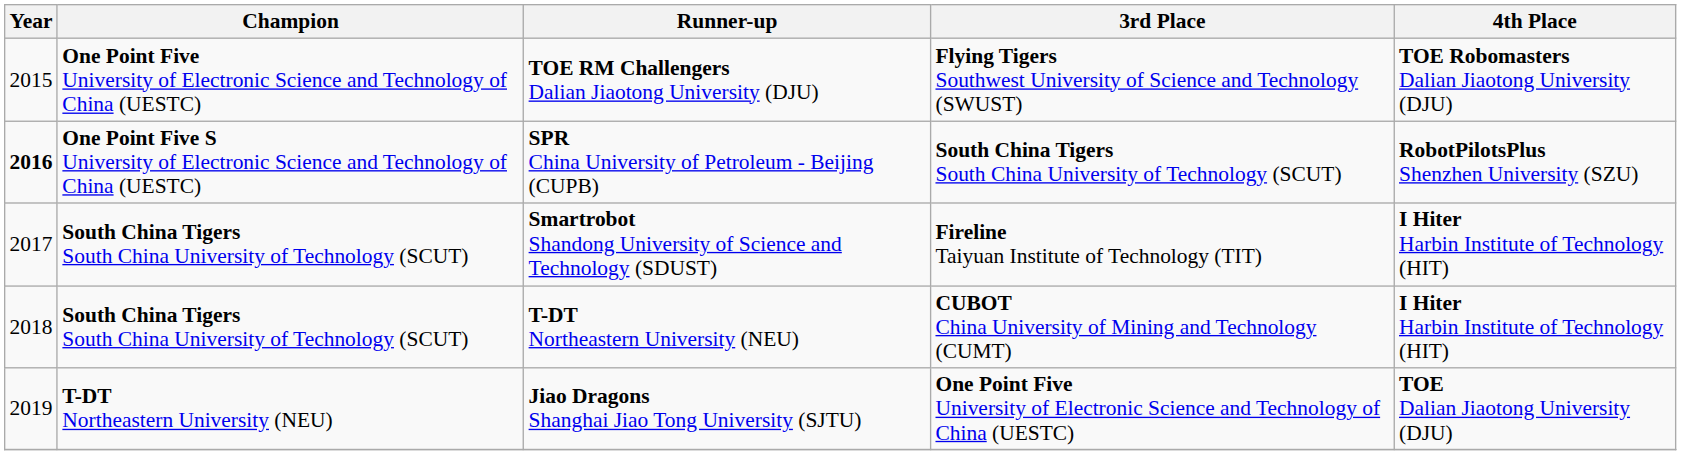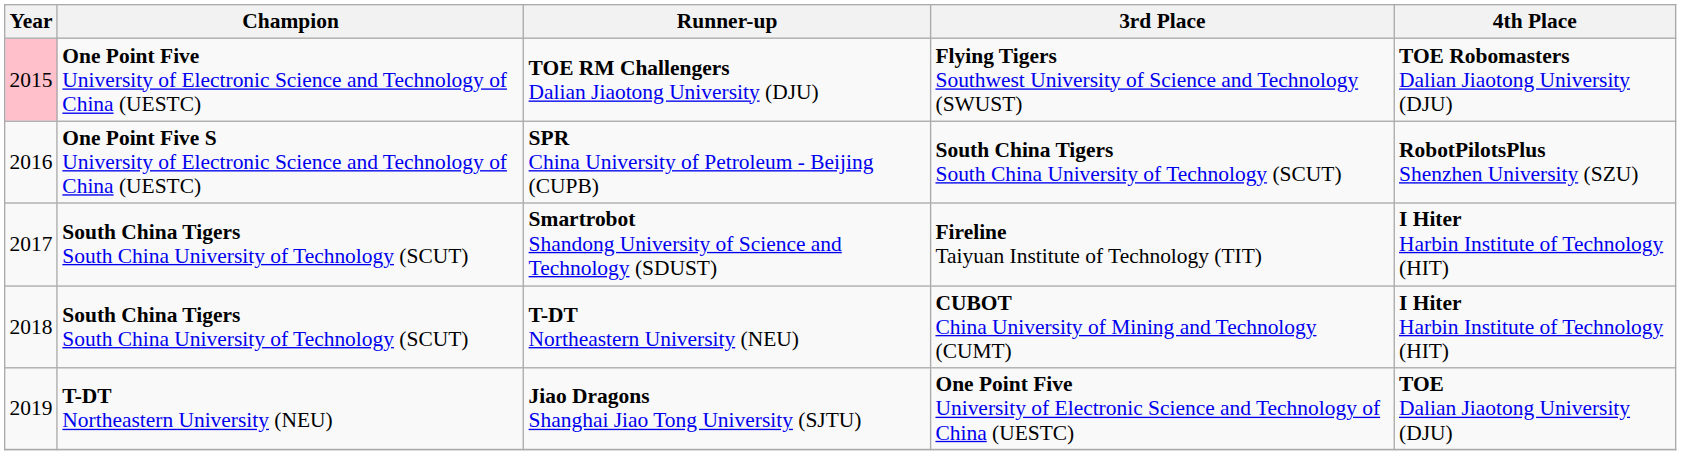 <table class="wikitable">
 <tr>
 <th>Year</th>
 <th>Champion</th>
 <th>Runner-up</th>
 <th>3rd Place</th>
 <th>4th Place</th>
 </tr>
 <tr>
-<td>2015</td>
+<td style="background: pink;">2015</td>
 <td><strong>One Point Five</strong><br><a href='#'>University of Electronic Science and Technology of China</a> (UESTC)</td>
 <td><strong>TOE RM Challengers</strong><br><a href='#'>Dalian Jiaotong University</a> (DJU)</td>
 <td><strong>Flying Tigers</strong><br><a href='#'>Southwest University of Science and Technology</a> (SWUST)</td>
 <td><strong>TOE Robomasters</strong><br><a href='#'>Dalian Jiaotong University</a> (DJU)</td>
 </tr>
 <tr>
-<td><strong>2016</strong></td>
+<td>2016</td>
 <td><strong>One Point Five S</strong><br><a href='#'>University of Electronic Science and Technology of China</a> (UESTC)</td>
 <td><strong>SPR</strong><br><a href='#'>China University of Petroleum - Beijing</a> (CUPB)</td>
 <td><strong>South China Tigers</strong><br><a href='#'>South China University of Technology</a> (SCUT)</td>
 <td><strong>RobotPilotsPlus</strong><br><a href='#'>Shenzhen University</a> (SZU)</td>
 </tr>
 <tr>
 <td>2017</td>
 <td><strong>South China Tigers</strong><br><a href='#'>South China University of Technology</a> (SCUT)</td>
 <td><strong>Smartrobot</strong><br><a href='#'>Shandong University of Science and Technology</a> (SDUST)</td>
 <td><strong>Fireline</strong><br>Taiyuan Institute of Technology (TIT)</td>
 <td><strong>I Hiter</strong><br><a href='#'>Harbin Institute of Technology</a> (HIT)</td>
 </tr>
 <tr>
 <td>2018</td>
 <td><strong>South China Tigers</strong><br><a href='#'>South China University of Technology</a> (SCUT)</td>
 <td><strong>T-DT</strong><br><a href='#'>Northeastern University</a> (NEU)</td>
 <td><strong>CUBOT</strong><br><a href='#'>China University of Mining and Technology</a> (CUMT)</td>
 <td><strong>I Hiter</strong><br><a href='#'>Harbin Institute of Technology</a> (HIT)</td>
 </tr>
 <tr>
 <td>2019</td>
 <td><strong>T-DT</strong><br><a href='#'>Northeastern University</a> (NEU)</td>
 <td><strong>Jiao Dragons</strong><br><a href='#'>Shanghai Jiao Tong University</a> (SJTU)</td>
 <td><strong>One Point Five</strong><br><a href='#'>University of Electronic Science and Technology of China</a> (UESTC)</td>
 <td><strong>TOE</strong><br><a href='#'>Dalian Jiaotong University</a> (DJU)</td>
 </tr>
 <tr>
 </tr>
 </table>
